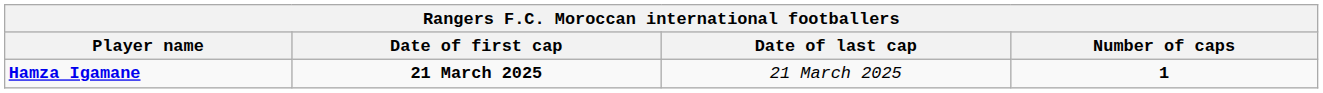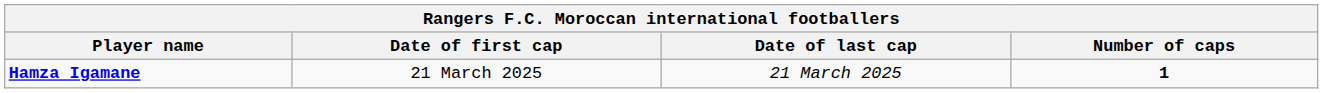 <table class="wikitable plainrowheaders" style="width: 80%;">
 <tr>
 <th colspan=5>Rangers F.C. Moroccan international footballers </th>
 </tr>
 <tr>
 <th scope="col">Player name</th>
 <th scope="col">Date of first cap</th>
 <th scope="col">Date of last cap</th>
 <th scope="col">Number of caps</th>
 </tr>
 <tr>
 <td><strong><a href='#'>Hamza Igamane</a></strong></td>
-<td align="center"><strong>21 March 2025</strong></td>
+<td align="center">21 March 2025</td>
 <td align="center"><em>21 March 2025</em></td>
 <td align="center"><strong>1</strong></td>
 </tr>
 </table>
